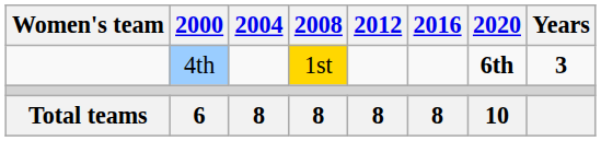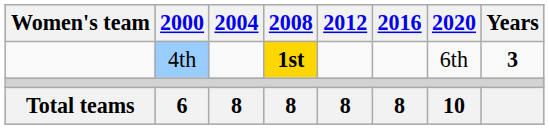 <table class="wikitable" style="text-align: center; font-size: 90%; margin-left: 1em;">
 <tr>
 <th>Women's team</th>
 <th><a href='#'>2000</a></th>
 <th><a href='#'>2004</a></th>
 <th><a href='#'>2008</a></th>
 <th><a href='#'>2012</a></th>
 <th><a href='#'>2016</a></th>
 <th><a href='#'>2020</a></th>
 <th>Years</th>
 </tr>
 <tr>
 <td style="text-align: left;"></td>
 <td style="background-color: #9acdff;">4th</td>
 <td></td>
-<td style="background-color: gold;">1st</td>
+<td style="background-color: gold;"><strong>1st</strong></td>
 <td></td>
 <td></td>
-<td><strong>6th</strong></td>
+<td>6th</td>
 <td><strong>3</strong></td>
 </tr>
 <tr style="background-color: lightgrey;">
 <td colspan="8"></td>
 </tr>
 <tr>
 <th>Total teams</th>
 <th>6</th>
 <th>8</th>
 <th>8</th>
 <th>8</th>
 <th>8</th>
 <th>10</th>
 <th></th>
 </tr>
 </table>
